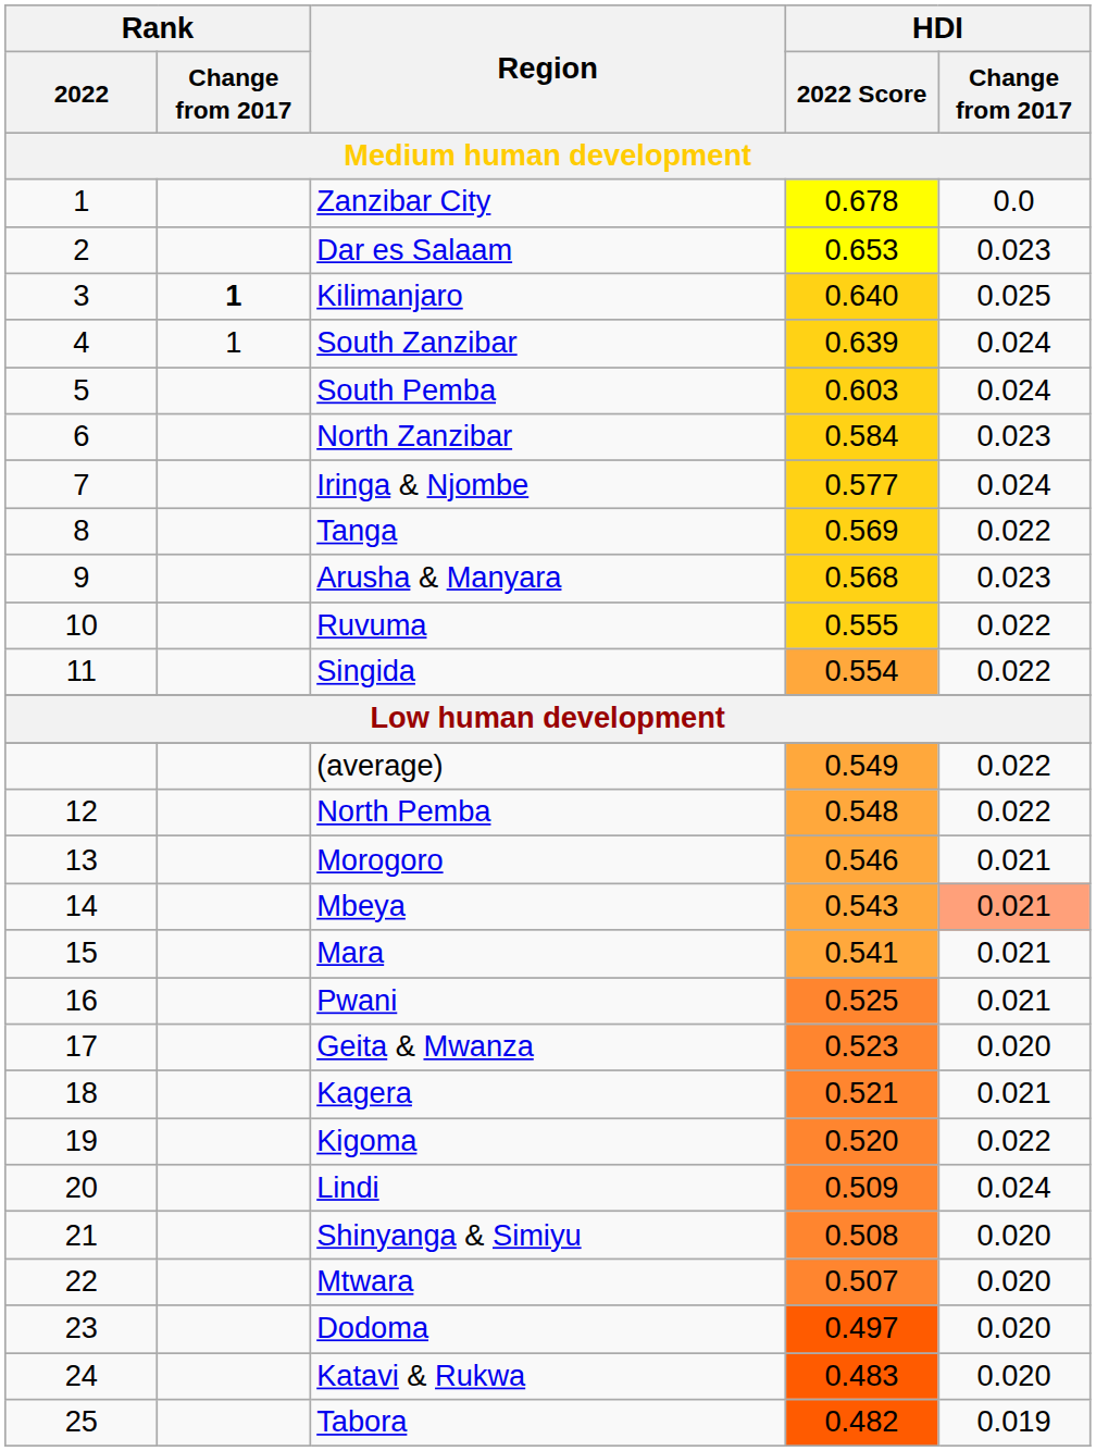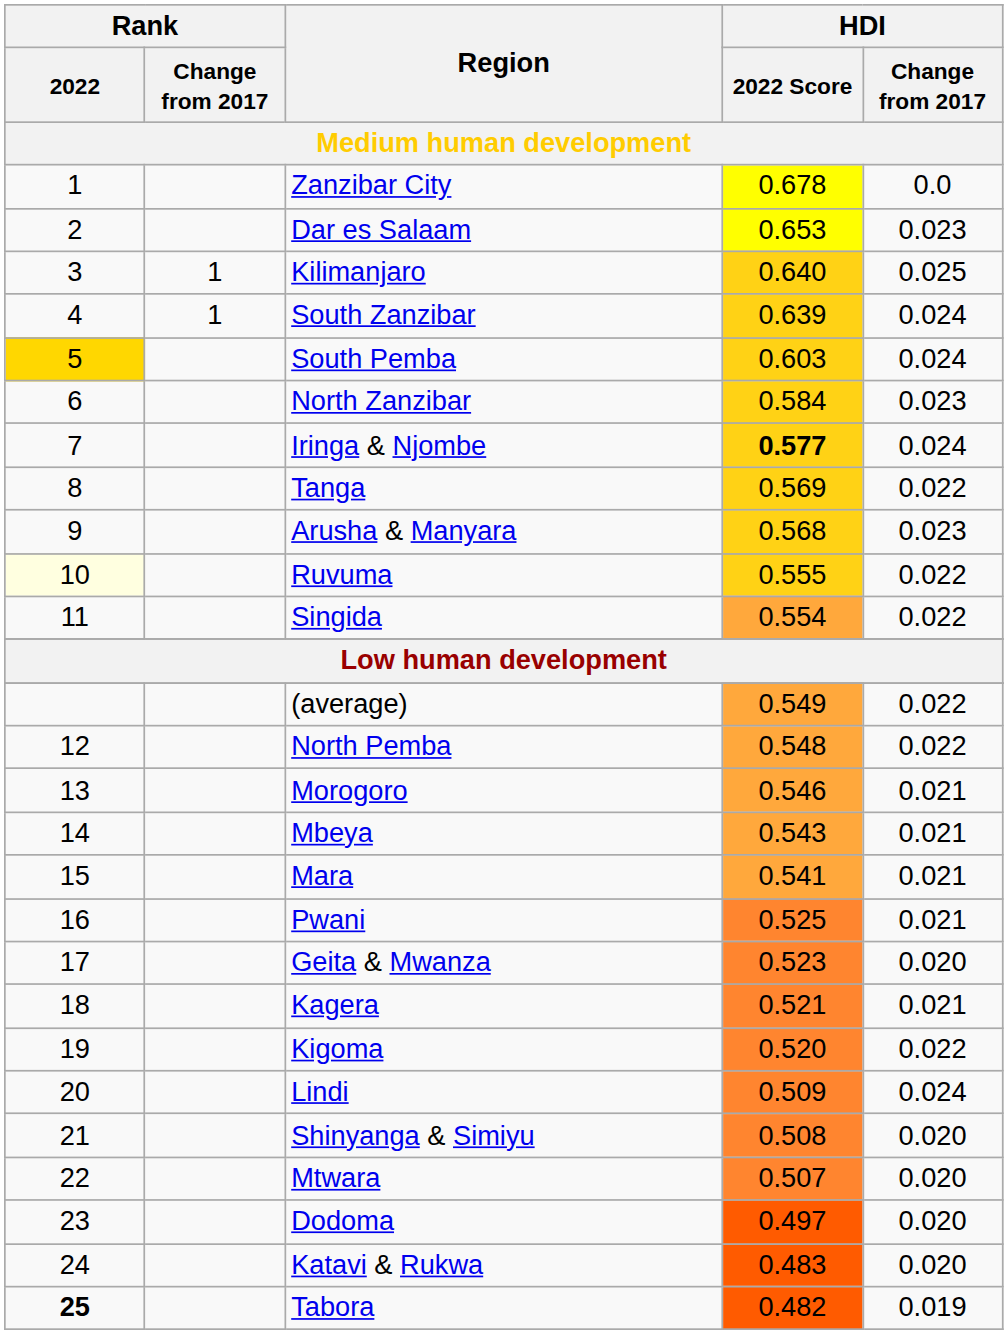 <table class="wikitable" style="text-align:center">
 <tr>
 <th scope="col" colspan="2">Rank</th>
 <th scope="col" rowspan="2" style="width:250px;">Region</th>
 <th scope="col" colspan="2">HDI</th>
 </tr>
 <tr>
 <th scope="col" style="width:75px;"><small>2022</small></th>
 <th scope="col" style="width:75px;"><small>Change from 2017</small></th>
 <th scope="col" style="width:75px;"><small>2022 Score</small></th>
 <th scope="col" style="width:75px;"><small>Change from 2017</small></th>
 </tr>
 <tr>
 <th scope="col" colspan="5" style="color:#fc0;">Medium human development</th>
 </tr>
 <tr>
 <td>1</td>
 <td></td>
 <td style="text-align:left"><a href='#'> Zanzibar City</a></td>
 <td align=center bgcolor="#FFFF00">0.678</td>
 <td> 0.0</td>
 </tr>
 <tr>
 <td>2</td>
 <td></td>
 <td style="text-align:left"><a href='#'> Dar es Salaam</a></td>
 <td align=center bgcolor="#FFFF00">0.653</td>
 <td> 0.023</td>
 </tr>
 <tr>
 <td>3</td>
-<td><strong> 1</strong></td>
+<td> 1</td>
 <td style="text-align:left"><a href='#'>Kilimanjaro</a></td>
 <td align=center bgcolor="#FFD215">0.640</td>
 <td> 0.025</td>
 </tr>
 <tr>
 <td>4</td>
 <td> 1</td>
 <td style="text-align:left"><a href='#'>South Zanzibar</a></td>
 <td align=center bgcolor="#FFD215">0.639</td>
 <td> 0.024</td>
 </tr>
 <tr>
-<td>5</td>
+<td style="background: gold;">5</td>
 <td></td>
 <td style="text-align:left"><a href='#'>South Pemba</a></td>
 <td align=center bgcolor="#FFD215">0.603</td>
 <td> 0.024</td>
 </tr>
 <tr>
 <td>6</td>
 <td></td>
 <td style="text-align:left"><a href='#'>North Zanzibar</a></td>
 <td align=center bgcolor="#FFD215">0.584</td>
 <td> 0.023</td>
 </tr>
 <tr>
 <td>7</td>
 <td></td>
 <td style="text-align:left"><a href='#'>Iringa</a> & <a href='#'>Njombe</a></td>
-<td align=center bgcolor="#FFD215">0.577</td>
+<td align=center bgcolor="#FFD215"><strong>0.577</strong></td>
 <td> 0.024</td>
 </tr>
 <tr>
 <td>8</td>
 <td></td>
 <td style="text-align:left"><a href='#'>Tanga</a></td>
 <td align=center bgcolor="#FFD215">0.569</td>
 <td> 0.022</td>
 </tr>
 <tr>
 <td>9</td>
 <td></td>
 <td style="text-align:left"><a href='#'>Arusha</a> & <a href='#'>Manyara</a></td>
 <td align=center bgcolor="#FFD215">0.568</td>
 <td> 0.023</td>
 </tr>
 <tr>
-<td>10</td>
+<td style="background: lightyellow;">10</td>
 <td></td>
 <td style="text-align:left"><a href='#'>Ruvuma</a></td>
 <td align=center bgcolor="#FFD215">0.555</td>
 <td> 0.022</td>
 </tr>
 <tr>
 <td>11</td>
 <td></td>
 <td style="text-align:left"><a href='#'>Singida</a></td>
 <td align=center bgcolor="#FFA83C">0.554</td>
 <td> 0.022</td>
 </tr>
 <tr>
 </tr>
 <tr>
 <th colspan="5" style="color:#900;">Low human development</th>
 </tr>
 <tr>
 </tr>
 <tr>
 <td></td>
 <td></td>
 <td style="text-align:left"> (average)</td>
 <td align=center bgcolor="#FFA83C">0.549</td>
 <td> 0.022</td>
 </tr>
 <tr>
 <td>12</td>
 <td></td>
 <td style="text-align:left"><a href='#'>North Pemba</a></td>
 <td align=center bgcolor="#FFA83C">0.548</td>
 <td> 0.022</td>
 </tr>
 <tr>
 <td>13</td>
 <td></td>
 <td style="text-align:left"><a href='#'>Morogoro</a></td>
 <td align=center bgcolor="#FFA83C">0.546</td>
 <td> 0.021</td>
 </tr>
 <tr>
 <td>14</td>
 <td></td>
 <td style="text-align:left"><a href='#'>Mbeya</a></td>
 <td align=center bgcolor="#FFA83C">0.543</td>
-<td style="background: lightsalmon;"> 0.021</td>
+<td> 0.021</td>
 </tr>
 <tr>
 <td>15</td>
 <td></td>
 <td style="text-align:left"><a href='#'>Mara</a></td>
 <td align=center bgcolor="#FFA83C">0.541</td>
 <td> 0.021</td>
 </tr>
 <tr>
 <td>16</td>
 <td></td>
 <td style="text-align:left"><a href='#'>Pwani</a></td>
 <td align=center bgcolor="#FF852F">0.525</td>
 <td> 0.021</td>
 </tr>
 <tr>
 <td>17</td>
 <td></td>
 <td style="text-align:left"><a href='#'>Geita</a> & <a href='#'>Mwanza</a></td>
 <td align=center bgcolor="#FF852F">0.523</td>
 <td> 0.020</td>
 </tr>
 <tr>
 <td>18</td>
 <td></td>
 <td style="text-align:left"><a href='#'>Kagera</a></td>
 <td align=center bgcolor="#FF852F">0.521</td>
 <td> 0.021</td>
 </tr>
 <tr>
 <td>19</td>
 <td></td>
 <td style="text-align:left"><a href='#'>Kigoma</a></td>
 <td align=center bgcolor="#FF852F">0.520</td>
 <td> 0.022</td>
 </tr>
 <tr>
 <td>20</td>
 <td></td>
 <td style="text-align:left"><a href='#'>Lindi</a></td>
 <td align=center bgcolor="#FF852F">0.509</td>
 <td> 0.024</td>
 </tr>
 <tr>
 <td>21</td>
 <td></td>
 <td style="text-align:left"><a href='#'>Shinyanga</a> & <a href='#'>Simiyu</a></td>
 <td align=center bgcolor="#FF852F">0.508</td>
 <td> 0.020</td>
 </tr>
 <tr>
 <td>22</td>
 <td></td>
 <td style="text-align:left"><a href='#'>Mtwara</a></td>
 <td align=center bgcolor="#FF852F">0.507</td>
 <td> 0.020</td>
 </tr>
 <tr>
 <td>23</td>
 <td></td>
 <td style="text-align:left"><a href='#'>Dodoma</a></td>
 <td align=center bgcolor="#FF5B00">0.497</td>
 <td> 0.020</td>
 </tr>
 <tr>
 <td>24</td>
 <td></td>
 <td style="text-align:left"><a href='#'>Katavi</a> & <a href='#'>Rukwa</a></td>
 <td align=center bgcolor="#FF5B00">0.483</td>
 <td> 0.020</td>
 </tr>
 <tr>
-<td>25</td>
+<td><strong>25</strong></td>
 <td></td>
 <td style="text-align:left"><a href='#'>Tabora</a></td>
 <td align=center bgcolor="#FF5B00">0.482</td>
 <td> 0.019</td>
 </tr>
 </table>
